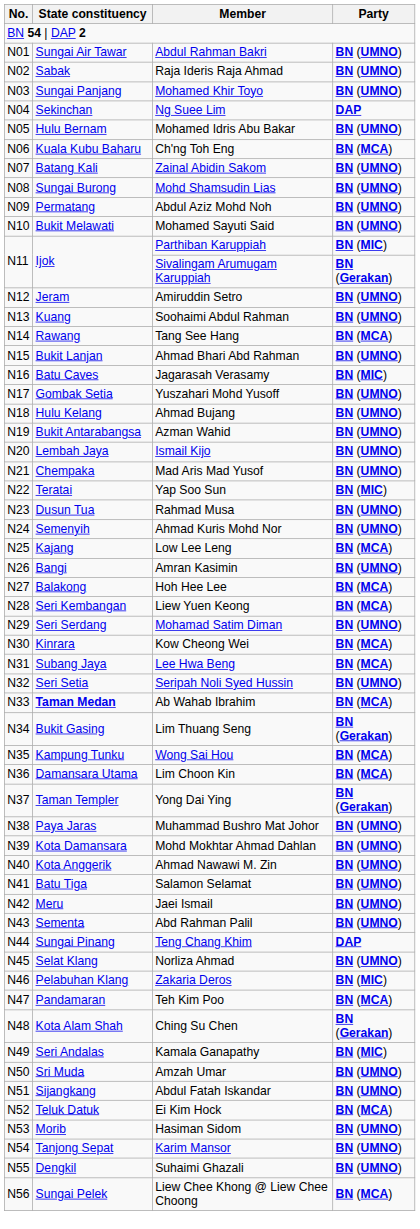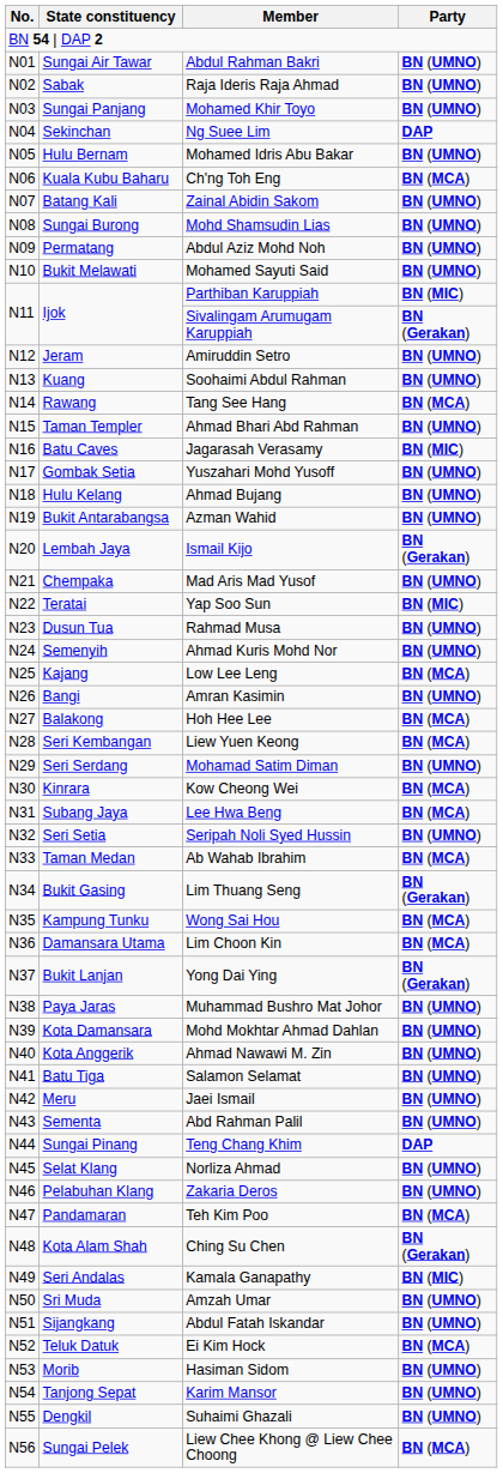 <table class="wikitable sortable">
 <tr>
 <th style="width:30px;">No.</th>
 <th style="width:150px;">State constituency</th>
 <th style="width:230px;">Member</th>
 <th style="width:100px;">Party</th>
 </tr>
 <tr>
 <td colspan="4"><a href='#'>BN</a> <strong>54</strong> | <a href='#'>DAP</a> <strong>2</strong></td>
 </tr>
 <tr>
 <td>N01</td>
 <td><a href='#'>Sungai Air Tawar</a></td>
 <td><a href='#'>Abdul Rahman Bakri</a></td>
 <td><strong><a href='#'>BN</a></strong> (<strong><a href='#'>UMNO</a></strong>)</td>
 </tr>
 <tr>
 <td>N02</td>
 <td><a href='#'>Sabak</a></td>
 <td>Raja Ideris Raja Ahmad</td>
 <td><strong><a href='#'>BN</a></strong> (<strong><a href='#'>UMNO</a></strong>)</td>
 </tr>
 <tr>
 <td>N03</td>
 <td><a href='#'>Sungai Panjang</a></td>
 <td><a href='#'>Mohamed Khir Toyo</a></td>
 <td><strong><a href='#'>BN</a></strong> (<strong><a href='#'>UMNO</a></strong>)</td>
 </tr>
 <tr>
 <td>N04</td>
 <td><a href='#'>Sekinchan</a></td>
 <td><a href='#'>Ng Suee Lim</a></td>
 <td><strong><a href='#'>DAP</a></strong></td>
 </tr>
 <tr>
 <td>N05</td>
 <td><a href='#'>Hulu Bernam</a></td>
 <td>Mohamed Idris Abu Bakar</td>
 <td><strong><a href='#'>BN</a></strong> (<strong><a href='#'>UMNO</a></strong>)</td>
 </tr>
 <tr>
 <td>N06</td>
 <td><a href='#'>Kuala Kubu Baharu</a></td>
 <td>Ch'ng Toh Eng</td>
 <td><strong><a href='#'>BN</a></strong> (<strong><a href='#'>MCA</a></strong>)</td>
 </tr>
 <tr>
 <td>N07</td>
 <td><a href='#'>Batang Kali</a></td>
 <td><a href='#'>Zainal Abidin Sakom</a></td>
 <td><strong><a href='#'>BN</a></strong> (<strong><a href='#'>UMNO</a></strong>)</td>
 </tr>
 <tr>
 <td>N08</td>
 <td><a href='#'>Sungai Burong</a></td>
 <td><a href='#'>Mohd Shamsudin Lias</a></td>
 <td><strong><a href='#'>BN</a></strong> (<strong><a href='#'>UMNO</a></strong>)</td>
 </tr>
 <tr>
 <td>N09</td>
 <td><a href='#'>Permatang</a></td>
 <td>Abdul Aziz Mohd Noh</td>
 <td><strong><a href='#'>BN</a></strong> (<strong><a href='#'>UMNO</a></strong>)</td>
 </tr>
 <tr>
 <td>N10</td>
 <td><a href='#'>Bukit Melawati</a></td>
 <td>Mohamed Sayuti Said</td>
 <td><strong><a href='#'>BN</a></strong> (<strong><a href='#'>UMNO</a></strong>)</td>
 </tr>
 <tr>
 <td rowspan=2>N11</td>
 <td rowspan=2><a href='#'>Ijok</a></td>
 <td><a href='#'>Parthiban Karuppiah</a><br></td>
 <td><strong><a href='#'>BN</a></strong> (<strong><a href='#'>MIC</a></strong>)</td>
 </tr>
 <tr>
 <td><a href='#'>Sivalingam Arumugam Karuppiah</a> </td>
 <td><strong><a href='#'>BN</a></strong> (<strong><a href='#'>Gerakan</a></strong>)</td>
 </tr>
 <tr>
 <td>N12</td>
 <td><a href='#'>Jeram</a></td>
 <td>Amiruddin Setro</td>
 <td><strong><a href='#'>BN</a></strong> (<strong><a href='#'>UMNO</a></strong>)</td>
 </tr>
 <tr>
 <td>N13</td>
 <td><a href='#'>Kuang</a></td>
 <td>Soohaimi Abdul Rahman</td>
 <td><strong><a href='#'>BN</a></strong> (<strong><a href='#'>UMNO</a></strong>)</td>
 </tr>
 <tr>
 <td>N14</td>
 <td><a href='#'>Rawang</a></td>
 <td>Tang See Hang</td>
 <td><strong><a href='#'>BN</a></strong> (<strong><a href='#'>MCA</a></strong>)</td>
 </tr>
 <tr>
 <td>N15</td>
-<td><a href='#'>Bukit Lanjan</a></td>
+<td><a href='#'>Taman Templer</a></td>
 <td>Ahmad Bhari Abd Rahman</td>
 <td><strong><a href='#'>BN</a></strong> (<strong><a href='#'>UMNO</a></strong>)</td>
 </tr>
 <tr>
 <td>N16</td>
 <td><a href='#'>Batu Caves</a></td>
 <td>Jagarasah Verasamy</td>
 <td><strong><a href='#'>BN</a></strong> (<strong><a href='#'>MIC</a></strong>)</td>
 </tr>
 <tr>
 <td>N17</td>
 <td><a href='#'>Gombak Setia</a></td>
 <td>Yuszahari Mohd Yusoff</td>
 <td><strong><a href='#'>BN</a></strong> (<strong><a href='#'>UMNO</a></strong>)</td>
 </tr>
 <tr>
 <td>N18</td>
 <td><a href='#'>Hulu Kelang</a></td>
 <td>Ahmad Bujang</td>
 <td><strong><a href='#'>BN</a></strong> (<strong><a href='#'>UMNO</a></strong>)</td>
 </tr>
 <tr>
 <td>N19</td>
 <td><a href='#'>Bukit Antarabangsa</a></td>
 <td>Azman Wahid</td>
 <td><strong><a href='#'>BN</a></strong> (<strong><a href='#'>UMNO</a></strong>)</td>
 </tr>
 <tr>
 <td>N20</td>
 <td><a href='#'>Lembah Jaya</a></td>
 <td><a href='#'>Ismail Kijo</a></td>
-<td><strong><a href='#'>BN</a></strong> (<strong><a href='#'>UMNO</a></strong>)</td>
+<td><strong><a href='#'>BN</a></strong> (<strong><a href='#'>Gerakan</a></strong>)</td>
 </tr>
 <tr>
 <td>N21</td>
 <td><a href='#'>Chempaka</a></td>
 <td>Mad Aris Mad Yusof</td>
 <td><strong><a href='#'>BN</a></strong> (<strong><a href='#'>UMNO</a></strong>)</td>
 </tr>
 <tr>
 <td>N22</td>
 <td><a href='#'>Teratai</a></td>
 <td>Yap Soo Sun</td>
 <td><strong><a href='#'>BN</a></strong> (<strong><a href='#'>MIC</a></strong>)</td>
 </tr>
 <tr>
 <td>N23</td>
 <td><a href='#'>Dusun Tua</a></td>
 <td>Rahmad Musa</td>
 <td><strong><a href='#'>BN</a></strong> (<strong><a href='#'>UMNO</a></strong>)</td>
 </tr>
 <tr>
 <td>N24</td>
 <td><a href='#'>Semenyih</a></td>
 <td>Ahmad Kuris Mohd Nor</td>
 <td><strong><a href='#'>BN</a></strong> (<strong><a href='#'>UMNO</a></strong>)</td>
 </tr>
 <tr>
 <td>N25</td>
 <td><a href='#'>Kajang</a></td>
 <td>Low Lee Leng</td>
 <td><strong><a href='#'>BN</a></strong> (<strong><a href='#'>MCA</a></strong>)</td>
 </tr>
 <tr>
 <td>N26</td>
 <td><a href='#'>Bangi</a></td>
 <td>Amran Kasimin</td>
 <td><strong><a href='#'>BN</a></strong> (<strong><a href='#'>UMNO</a></strong>)</td>
 </tr>
 <tr>
 <td>N27</td>
 <td><a href='#'>Balakong</a></td>
 <td>Hoh Hee Lee</td>
 <td><strong><a href='#'>BN</a></strong> (<strong><a href='#'>MCA</a></strong>)</td>
 </tr>
 <tr>
 <td>N28</td>
 <td><a href='#'>Seri Kembangan</a></td>
 <td>Liew Yuen Keong</td>
 <td><strong><a href='#'>BN</a></strong> (<strong><a href='#'>MCA</a></strong>)</td>
 </tr>
 <tr>
 <td>N29</td>
 <td><a href='#'>Seri Serdang</a></td>
 <td><a href='#'>Mohamad Satim Diman</a></td>
 <td><strong><a href='#'>BN</a></strong> (<strong><a href='#'>UMNO</a></strong>)</td>
 </tr>
 <tr>
 <td>N30</td>
 <td><a href='#'>Kinrara</a></td>
 <td>Kow Cheong Wei</td>
 <td><strong><a href='#'>BN</a></strong> (<strong><a href='#'>MCA</a></strong>)</td>
 </tr>
 <tr>
 <td>N31</td>
 <td><a href='#'>Subang Jaya</a></td>
 <td><a href='#'>Lee Hwa Beng</a></td>
 <td><strong><a href='#'>BN</a></strong> (<strong><a href='#'>MCA</a></strong>)</td>
 </tr>
 <tr>
 <td>N32</td>
 <td><a href='#'>Seri Setia</a></td>
 <td><a href='#'>Seripah Noli Syed Hussin</a></td>
 <td><strong><a href='#'>BN</a></strong> (<strong><a href='#'>UMNO</a></strong>)</td>
 </tr>
 <tr>
 <td>N33</td>
-<td><strong><a href='#'>Taman Medan</a></strong></td>
+<td><a href='#'>Taman Medan</a></td>
 <td>Ab Wahab Ibrahim</td>
 <td><strong><a href='#'>BN</a></strong> (<strong><a href='#'>MCA</a></strong>)</td>
 </tr>
 <tr>
 <td>N34</td>
 <td><a href='#'>Bukit Gasing</a></td>
 <td>Lim Thuang Seng</td>
 <td><strong><a href='#'>BN</a></strong> (<strong><a href='#'>Gerakan</a></strong>)</td>
 </tr>
 <tr>
 <td>N35</td>
 <td><a href='#'>Kampung Tunku</a></td>
 <td><a href='#'>Wong Sai Hou</a></td>
 <td><strong><a href='#'>BN</a></strong> (<strong><a href='#'>MCA</a></strong>)</td>
 </tr>
 <tr>
 <td>N36</td>
 <td><a href='#'>Damansara Utama</a></td>
 <td>Lim Choon Kin</td>
 <td><strong><a href='#'>BN</a></strong> (<strong><a href='#'>MCA</a></strong>)</td>
 </tr>
 <tr>
 <td>N37</td>
-<td><a href='#'>Taman Templer</a></td>
+<td><a href='#'>Bukit Lanjan</a></td>
 <td>Yong Dai Ying</td>
 <td><strong><a href='#'>BN</a></strong> (<strong><a href='#'>Gerakan</a></strong>)</td>
 </tr>
 <tr>
 <td>N38</td>
 <td><a href='#'>Paya Jaras</a></td>
 <td>Muhammad Bushro Mat Johor</td>
 <td><strong><a href='#'>BN</a></strong> (<strong><a href='#'>UMNO</a></strong>)</td>
 </tr>
 <tr>
 <td>N39</td>
 <td><a href='#'>Kota Damansara</a></td>
 <td>Mohd Mokhtar Ahmad Dahlan</td>
 <td><strong><a href='#'>BN</a></strong> (<strong><a href='#'>UMNO</a></strong>)</td>
 </tr>
 <tr>
 <td>N40</td>
 <td><a href='#'>Kota Anggerik</a></td>
 <td>Ahmad Nawawi M. Zin</td>
 <td><strong><a href='#'>BN</a></strong> (<strong><a href='#'>UMNO</a></strong>)</td>
 </tr>
 <tr>
 <td>N41</td>
 <td><a href='#'>Batu Tiga</a></td>
 <td>Salamon Selamat</td>
 <td><strong><a href='#'>BN</a></strong> (<strong><a href='#'>UMNO</a></strong>)</td>
 </tr>
 <tr>
 <td>N42</td>
 <td><a href='#'>Meru</a></td>
 <td>Jaei Ismail</td>
 <td><strong><a href='#'>BN</a></strong> (<strong><a href='#'>UMNO</a></strong>)</td>
 </tr>
 <tr>
 <td>N43</td>
 <td><a href='#'>Sementa</a></td>
 <td>Abd Rahman Palil</td>
 <td><strong><a href='#'>BN</a></strong> (<strong><a href='#'>UMNO</a></strong>)</td>
 </tr>
 <tr>
 <td>N44</td>
 <td><a href='#'>Sungai Pinang</a></td>
 <td><a href='#'>Teng Chang Khim</a></td>
 <td><strong><a href='#'>DAP</a></strong></td>
 </tr>
 <tr>
 <td>N45</td>
 <td><a href='#'>Selat Klang</a></td>
 <td>Norliza Ahmad</td>
 <td><strong><a href='#'>BN</a></strong> (<strong><a href='#'>UMNO</a></strong>)</td>
 </tr>
 <tr>
 <td>N46</td>
 <td><a href='#'>Pelabuhan Klang</a></td>
 <td><a href='#'>Zakaria Deros</a></td>
-<td><strong><a href='#'>BN</a></strong> (<strong><a href='#'>MIC</a></strong>)</td>
+<td><strong><a href='#'>BN</a></strong> (<strong><a href='#'>UMNO</a></strong>)</td>
 </tr>
 <tr>
 <td>N47</td>
 <td><a href='#'>Pandamaran</a></td>
 <td>Teh Kim Poo</td>
 <td><strong><a href='#'>BN</a></strong> (<strong><a href='#'>MCA</a></strong>)</td>
 </tr>
 <tr>
 <td>N48</td>
 <td><a href='#'>Kota Alam Shah</a></td>
 <td>Ching Su Chen</td>
 <td><strong><a href='#'>BN</a></strong> (<strong><a href='#'>Gerakan</a></strong>)</td>
 </tr>
 <tr>
 <td>N49</td>
 <td><a href='#'>Seri Andalas</a></td>
 <td>Kamala Ganapathy</td>
 <td><strong><a href='#'>BN</a></strong> (<strong><a href='#'>MIC</a></strong>)</td>
 </tr>
 <tr>
 <td>N50</td>
 <td><a href='#'>Sri Muda</a></td>
 <td>Amzah Umar</td>
 <td><strong><a href='#'>BN</a></strong> (<strong><a href='#'>UMNO</a></strong>)</td>
 </tr>
 <tr>
 <td>N51</td>
 <td><a href='#'>Sijangkang</a></td>
 <td>Abdul Fatah Iskandar</td>
 <td><strong><a href='#'>BN</a></strong> (<strong><a href='#'>UMNO</a></strong>)</td>
 </tr>
 <tr>
 <td>N52</td>
 <td><a href='#'>Teluk Datuk</a></td>
 <td>Ei Kim Hock</td>
 <td><strong><a href='#'>BN</a></strong> (<strong><a href='#'>MCA</a></strong>)</td>
 </tr>
 <tr>
 <td>N53</td>
 <td><a href='#'>Morib</a></td>
 <td>Hasiman Sidom</td>
 <td><strong><a href='#'>BN</a></strong> (<strong><a href='#'>UMNO</a></strong>)</td>
 </tr>
 <tr>
 <td>N54</td>
 <td><a href='#'>Tanjong Sepat</a></td>
 <td><a href='#'>Karim Mansor</a></td>
 <td><strong><a href='#'>BN</a></strong> (<strong><a href='#'>UMNO</a></strong>)</td>
 </tr>
 <tr>
 <td>N55</td>
 <td><a href='#'>Dengkil</a></td>
 <td>Suhaimi Ghazali</td>
 <td><strong><a href='#'>BN</a></strong> (<strong><a href='#'>UMNO</a></strong>)</td>
 </tr>
 <tr>
 <td>N56</td>
 <td><a href='#'>Sungai Pelek</a></td>
 <td>Liew Chee Khong @ Liew Chee Choong</td>
 <td><strong><a href='#'>BN</a></strong> (<strong><a href='#'>MCA</a></strong>)</td>
 </tr>
 </table>
